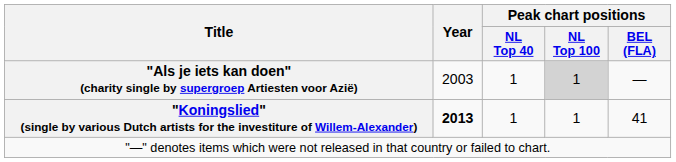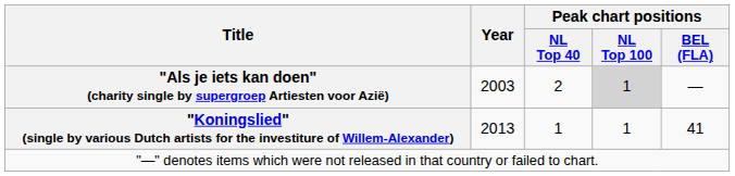 <table class="wikitable plainrowheaders" style="text-align:center;" border="1">
 <tr>
 <th scope="col" rowspan="2" style="width:30em;">Title</th>
 <th scope="col" rowspan="2" style="width:3em;">Year</th>
 <th scope="col" colspan="3">Peak chart positions</th>
 </tr>
 <tr>
 <th scope="col" style="width:4.5em;font-size:90%;"><a href='#'>NL<br>Top 40</a><br></th>
 <th scope="col" style="width:4.5em;font-size:90%;"><a href='#'>NL<br>Top 100</a><br></th>
 <th scope="col" style="width:4.5em;font-size:90%;"><a href='#'>BEL<br>(FLA)</a><br></th>
 </tr>
 <tr>
 <th scope="row">"Als je iets kan doen"<br><small>(charity single by <a href='#'>supergroep</a> Artiesten voor Azië)</small></th>
 <td rowspan="1">2003</td>
-<td>1</td>
+<td>2</td>
 <td style="background: lightgrey;">1</td>
 <td>—</td>
 </tr>
 <tr>
 <th scope="row">"<a href='#'>Koningslied</a>"<br><small>(single by various Dutch artists for the investiture of <a href='#'>Willem-Alexander</a>)</small></th>
-<td rowspan="1"><strong>2013</strong></td>
+<td rowspan="1">2013</td>
 <td>1</td>
 <td>1</td>
 <td>41</td>
 </tr>
 <tr>
 <td colspan="7" align="center" style="font-size:90%;">"—" denotes items which were not released in that country or failed to chart.</td>
 </tr>
 </table>
